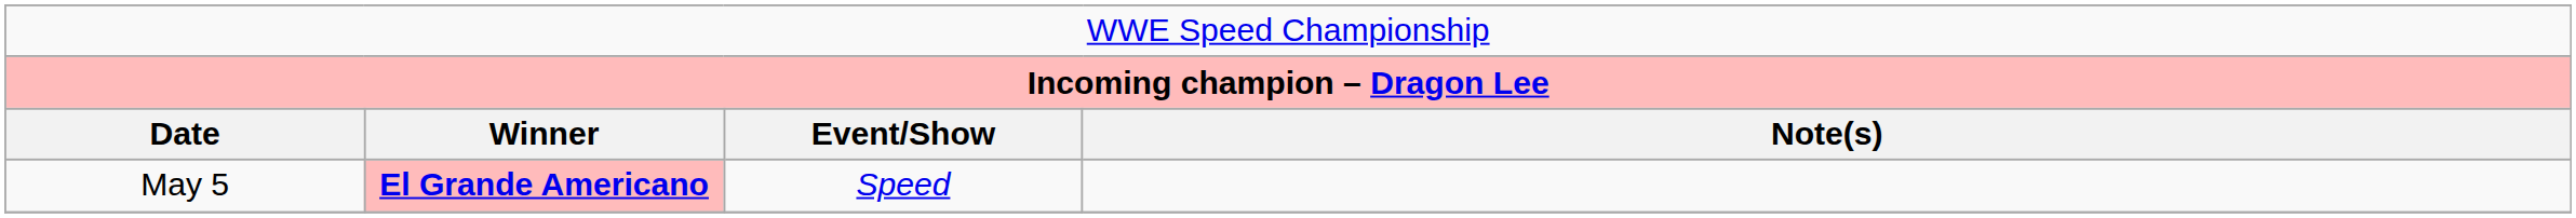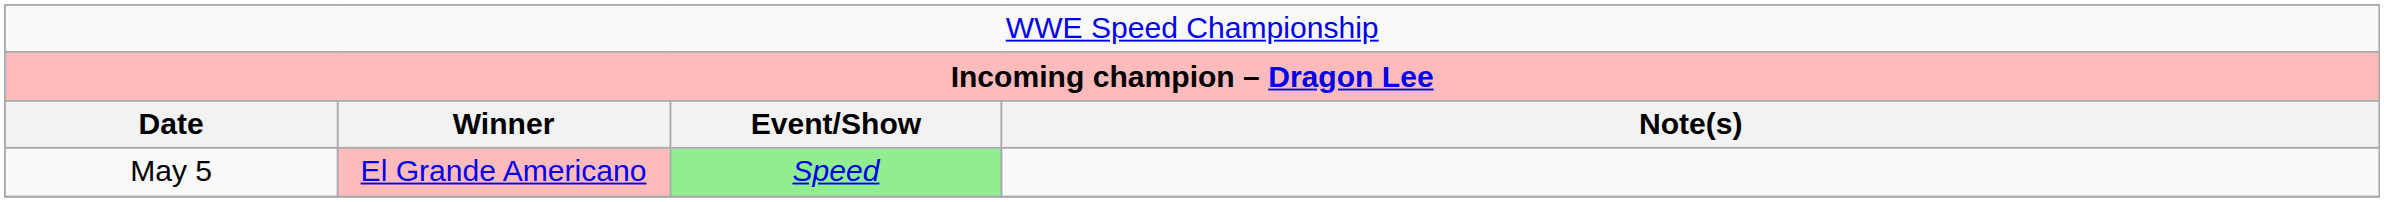 <table class="wikitable" style="text-align:center; width:100%;">
 <tr>
 <td colspan="4" style="text-align: center;"><a href='#'>WWE Speed Championship</a></td>
 </tr>
 <tr style="background:#FBB;">
 <td colspan="4" style="text-align: center;"><strong>Incoming champion – <a href='#'>Dragon Lee</a></strong></td>
 </tr>
 <tr>
 <th width="14%">Date</th>
 <th width="14%">Winner</th>
 <th width="14%">Event/Show</th>
 <th width="58%">Note(s)</th>
 </tr>
 <tr>
 <td>May 5<br></td>
-<td style="background:#FBB;"><strong><a href='#'>El Grande Americano</a></strong></td>
-<td><em><a href='#'>Speed</a></em></td>
+<td style="background:#FBB;"><a href='#'>El Grande Americano</a></td>
+<td style="background: lightgreen;"><em><a href='#'>Speed</a></em></td>
 <td></td>
 </tr>
 <tr>
 </tr>
 </table>
